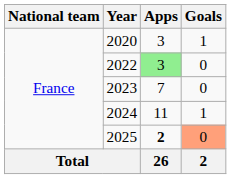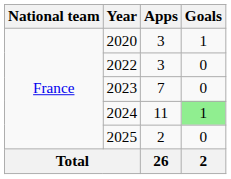 <table class="wikitable" style="text-align: center;">
 <tr>
 <th>National team</th>
 <th>Year</th>
 <th>Apps</th>
 <th>Goals</th>
 </tr>
 <tr>
 <td rowspan="5"><a href='#'>France</a></td>
 <td>2020</td>
 <td>3</td>
 <td>1</td>
 </tr>
 <tr>
 <td>2022</td>
-<td style="background: lightgreen;">3</td>
+<td>3</td>
 <td>0</td>
 </tr>
 <tr>
 <td>2023</td>
 <td>7</td>
 <td>0</td>
 </tr>
 <tr>
 <td>2024</td>
 <td>11</td>
-<td>1</td>
+<td style="background: lightgreen;">1</td>
 </tr>
 <tr>
 <td>2025</td>
-<td><strong>2</strong></td>
-<td style="background: lightsalmon;">0</td>
+<td>2</td>
+<td>0</td>
 </tr>
 <tr>
 <th colspan="2">Total</th>
 <th>26</th>
 <th>2</th>
 </tr>
 </table>
